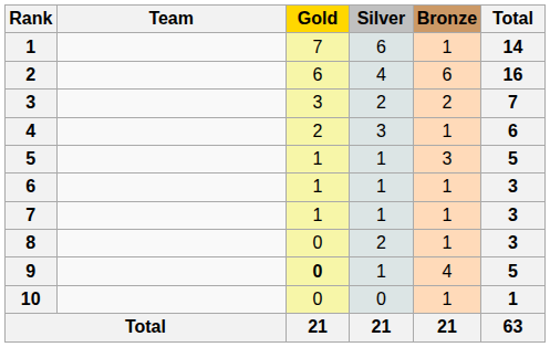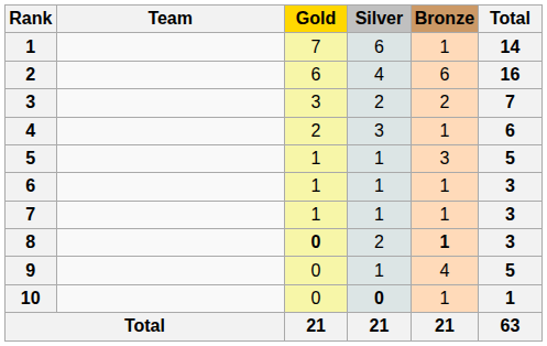 <table class="wikitable" style="text-align:center;">
 <tr>
 <th>Rank</th>
 <th width=200px>Team</th>
 <th style="background:gold;" width=50px align=center>Gold</th>
 <th style="background:silver;" width=50px align=center>Silver</th>
 <th style="background:#cc9966;" width=50px align=center>Bronze</th>
 <th width=50px align=center>Total</th>
 </tr>
 <tr>
 <th>1</th>
 <td align=left></td>
 <td bgcolor="#F7F6A8">7</td>
 <td bgcolor="#DCE5E5">6</td>
 <td bgcolor="#FFDAB9">1</td>
 <th>14</th>
 </tr>
 <tr>
 <th>2</th>
 <td align=left></td>
 <td bgcolor="#F7F6A8">6</td>
 <td bgcolor="#DCE5E5">4</td>
 <td bgcolor="#FFDAB9">6</td>
 <th>16</th>
 </tr>
 <tr>
 <th>3</th>
 <td align=left></td>
 <td bgcolor="#F7F6A8">3</td>
 <td bgcolor="#DCE5E5">2</td>
 <td bgcolor="#FFDAB9">2</td>
 <th>7</th>
 </tr>
 <tr>
 <th>4</th>
 <td align=left></td>
 <td bgcolor="#F7F6A8">2</td>
 <td bgcolor="#DCE5E5">3</td>
 <td bgcolor="#FFDAB9">1</td>
 <th>6</th>
 </tr>
 <tr>
 <th>5</th>
 <td align=left></td>
 <td bgcolor="#F7F6A8">1</td>
 <td bgcolor="#DCE5E5">1</td>
 <td bgcolor="#FFDAB9">3</td>
 <th>5</th>
 </tr>
 <tr>
 <th>6</th>
 <td align=left></td>
 <td bgcolor="#F7F6A8">1</td>
 <td bgcolor="#DCE5E5">1</td>
 <td bgcolor="#FFDAB9">1</td>
 <th>3</th>
 </tr>
 <tr>
 <th>7</th>
 <td align=left></td>
 <td bgcolor="#F7F6A8">1</td>
 <td bgcolor="#DCE5E5">1</td>
 <td bgcolor="#FFDAB9">1</td>
 <th>3</th>
 </tr>
 <tr>
 <th>8</th>
 <td align=left></td>
-<td bgcolor="#F7F6A8">0</td>
+<td bgcolor="#F7F6A8"><strong>0</strong></td>
 <td bgcolor="#DCE5E5">2</td>
-<td bgcolor="#FFDAB9">1</td>
+<td bgcolor="#FFDAB9"><strong>1</strong></td>
 <th>3</th>
 </tr>
 <tr>
 <th>9</th>
 <td align=left></td>
-<td bgcolor="#F7F6A8"><strong>0</strong></td>
+<td bgcolor="#F7F6A8">0</td>
 <td bgcolor="#DCE5E5">1</td>
 <td bgcolor="#FFDAB9">4</td>
 <th>5</th>
 </tr>
 <tr>
 <th>10</th>
 <td align=left></td>
 <td bgcolor="#F7F6A8">0</td>
-<td bgcolor="#DCE5E5">0</td>
+<td bgcolor="#DCE5E5"><strong>0</strong></td>
 <td bgcolor="#FFDAB9">1</td>
 <th>1</th>
 </tr>
 <tr>
 <th colspan=2>Total</th>
 <th>21</th>
 <th>21</th>
 <th>21</th>
 <th>63</th>
 </tr>
 </table>
